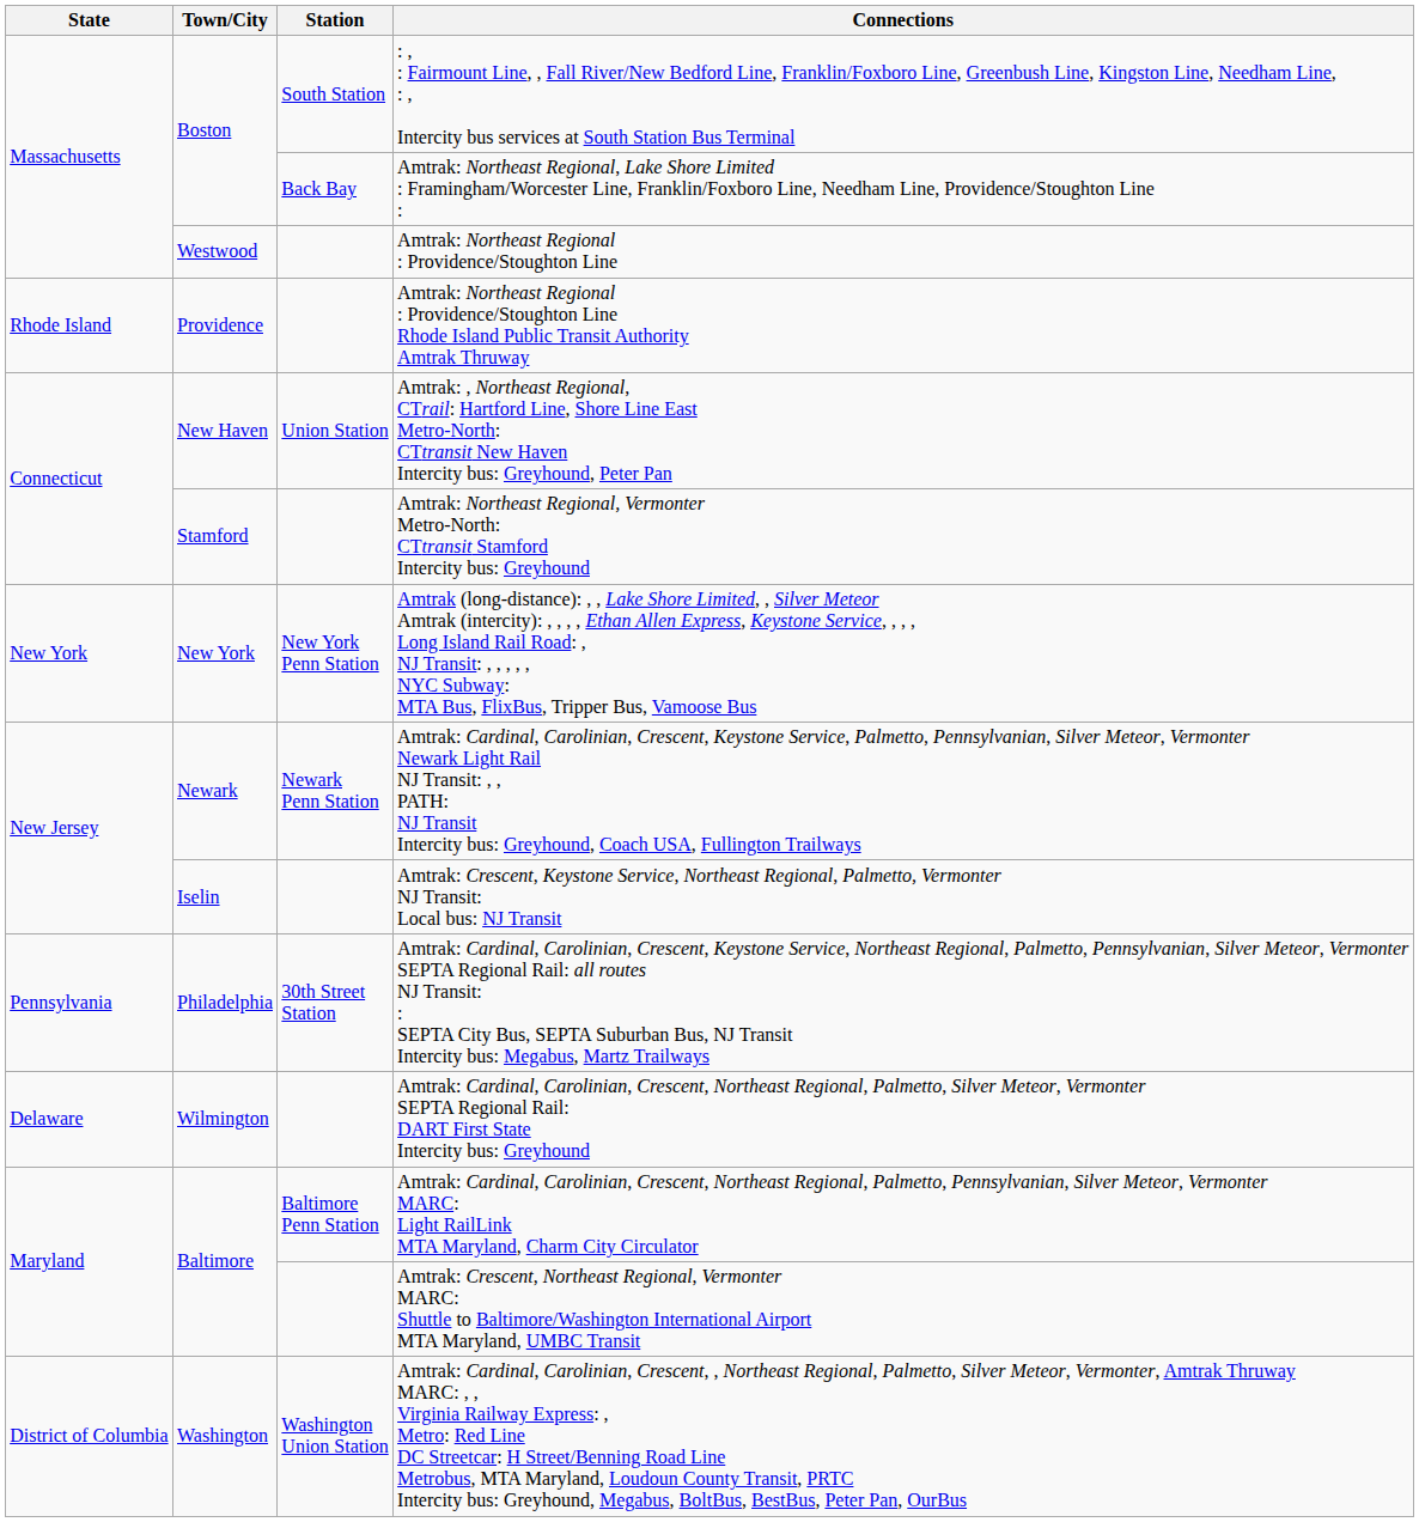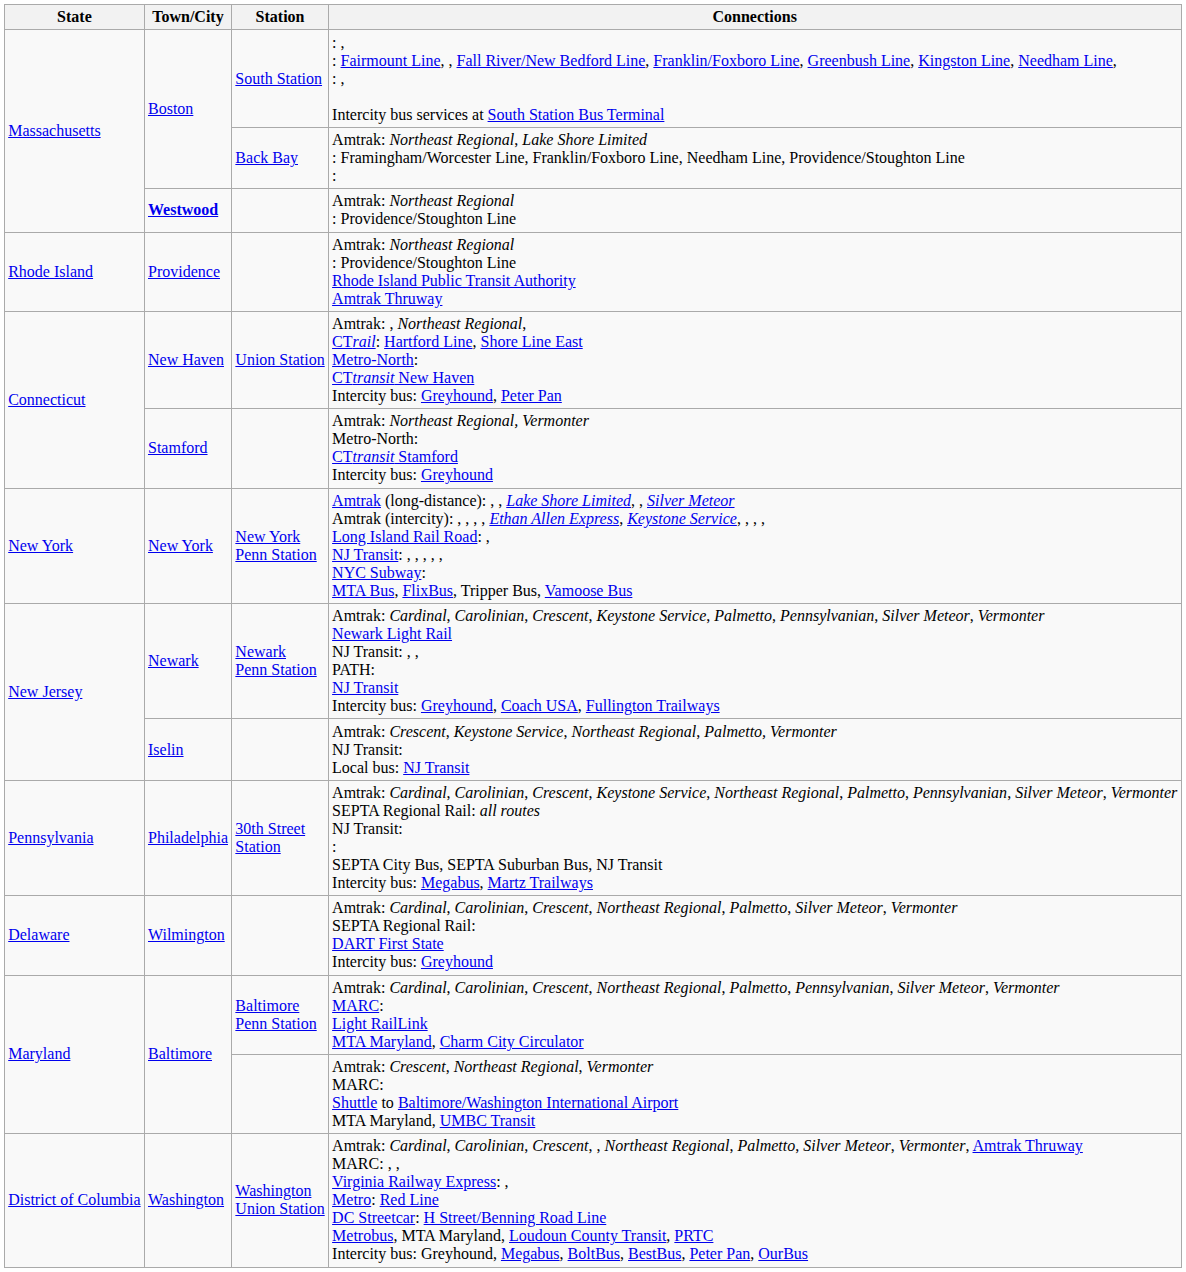 <table class="wikitable mw-collapsible">
 <tr>
 <th>State</th>
 <th>Town/City</th>
 <th>Station</th>
 <th>Connections</th>
 </tr>
 <tr>
 <td rowspan=3><a href='#'>Massachusetts</a></td>
 <td rowspan=2><a href='#'>Boston</a></td>
 <td><a href='#'>South Station</a></td>
 <td>: , <br>: <a href='#'>Fairmount Line</a>, , <a href='#'>Fall River/New Bedford Line</a>, <a href='#'>Franklin/Foxboro Line</a>, <a href='#'>Greenbush Line</a>, <a href='#'>Kingston Line</a>, <a href='#'>Needham Line</a>, <br>: , <br><br> Intercity bus services at <a href='#'>South Station Bus Terminal</a></td>
 </tr>
 <tr>
 <td><a href='#'>Back Bay</a></td>
 <td> Amtrak: <em>Northeast Regional</em>, <em>Lake Shore Limited</em><br>: Framingham/Worcester Line, Franklin/Foxboro Line, Needham Line, Providence/Stoughton Line<br>: <br></td>
 </tr>
 <tr>
-<td><a href='#'>Westwood</a></td>
+<td><strong><a href='#'>Westwood</a></strong></td>
 <td></td>
 <td> Amtrak: <em>Northeast Regional</em><br>: Providence/Stoughton Line</td>
 </tr>
 <tr>
 <td><a href='#'>Rhode Island</a></td>
 <td><a href='#'>Providence</a></td>
 <td></td>
 <td> Amtrak: <em>Northeast Regional</em><br>: Providence/Stoughton Line<br> <a href='#'>Rhode Island Public Transit Authority</a><br> <a href='#'>Amtrak Thruway</a></td>
 </tr>
 <tr>
 <td rowspan="2"><a href='#'>Connecticut</a></td>
 <td><a href='#'>New Haven</a></td>
 <td><a href='#'>Union Station</a></td>
 <td> Amtrak: , <em>Northeast Regional</em>, <br> <a href='#'>CT<em>rail</em></a>: <a href='#'>Hartford Line</a>, <a href='#'>Shore Line East</a><br> <a href='#'>Metro-North</a>: <br> <a href='#'>CT<em>transit</em> New Haven</a><br> Intercity bus:  <a href='#'>Greyhound</a>, <a href='#'>Peter Pan</a></td>
 </tr>
 <tr>
 <td><a href='#'>Stamford</a></td>
 <td></td>
 <td> Amtrak: <em>Northeast Regional, Vermonter</em><br> Metro-North: <br> <a href='#'>CT<em>transit</em> Stamford</a><br> Intercity bus:  <a href='#'>Greyhound</a></td>
 </tr>
 <tr>
 <td><a href='#'>New York</a></td>
 <td><a href='#'>New York</a></td>
 <td><a href='#'>New York<br>Penn Station</a></td>
 <td> <a href='#'>Amtrak</a> (long-distance): , , <em><a href='#'>Lake Shore Limited</a></em>, , <em><a href='#'>Silver Meteor</a></em><br> Amtrak (intercity): , , , , <em><a href='#'>Ethan Allen Express</a></em>, <em><a href='#'>Keystone Service</a></em>, , , , <br> <a href='#'>Long Island Rail Road</a>: , <br> <a href='#'>NJ Transit</a>: , , , , , <br> <a href='#'>NYC Subway</a>: <br> <a href='#'>MTA Bus</a>, <a href='#'>FlixBus</a>, Tripper Bus, <a href='#'>Vamoose Bus</a></td>
 </tr>
 <tr>
 <td rowspan="2"><a href='#'>New Jersey</a></td>
 <td><a href='#'>Newark</a></td>
 <td><a href='#'>Newark<br>Penn Station</a></td>
 <td> Amtrak: <em>Cardinal</em>, <em>Carolinian</em>, <em>Crescent</em>, <em>Keystone Service</em>, <em>Palmetto</em>, <em>Pennsylvanian</em>, <em>Silver Meteor</em>, <em>Vermonter</em><br> <a href='#'>Newark Light Rail</a><br> NJ Transit: , , <br> PATH: <br> <a href='#'>NJ Transit</a><br> Intercity bus:  <a href='#'>Greyhound</a>, <a href='#'>Coach USA</a>, <a href='#'>Fullington Trailways</a></td>
 </tr>
 <tr>
 <td><a href='#'>Iselin</a></td>
 <td></td>
 <td> Amtrak: <em>Crescent</em>, <em>Keystone Service</em>, <em>Northeast Regional</em>, <em>Palmetto,</em> <em>Vermonter</em><br> NJ Transit: <br> Local bus: <a href='#'>NJ Transit</a></td>
 </tr>
 <tr>
 <td><a href='#'>Pennsylvania</a></td>
 <td><a href='#'>Philadelphia</a></td>
 <td><a href='#'>30th Street<br>Station</a></td>
 <td> Amtrak: <em>Cardinal</em>, <em>Carolinian</em>, <em>Crescent</em>, <em>Keystone Service</em>, <em>Northeast Regional</em>, <em>Palmetto</em>, <em>Pennsylvanian</em>, <em>Silver Meteor</em>, <em>Vermonter</em><br> SEPTA Regional Rail: <em>all routes</em><br> NJ Transit: <br>:  <br> SEPTA City Bus, SEPTA Suburban Bus, NJ Transit<br> Intercity bus:  <a href='#'>Megabus</a>, <a href='#'>Martz Trailways</a></td>
 </tr>
 <tr>
 <td><a href='#'>Delaware</a></td>
 <td><a href='#'>Wilmington</a></td>
 <td></td>
 <td> Amtrak: <em>Cardinal</em>, <em>Carolinian</em>, <em>Crescent</em>, <em>Northeast Regional</em>, <em>Palmetto</em>, <em>Silver Meteor</em>, <em>Vermonter</em><br> SEPTA Regional Rail: <br> <a href='#'>DART First State</a><br> Intercity bus:  <a href='#'>Greyhound</a></td>
 </tr>
 <tr>
 <td rowspan="2"><a href='#'>Maryland</a></td>
 <td rowspan="2"><a href='#'>Baltimore</a></td>
 <td><a href='#'>Baltimore<br>Penn Station</a></td>
 <td> Amtrak: <em>Cardinal</em>, <em>Carolinian</em>, <em>Crescent</em>, <em>Northeast Regional</em>, <em>Palmetto</em>, <em>Pennsylvanian</em>, <em>Silver Meteor</em>, <em>Vermonter</em><br> <a href='#'>MARC</a>: <br> <a href='#'>Light RailLink</a><br> <a href='#'>MTA Maryland</a>, <a href='#'>Charm City Circulator</a></td>
 </tr>
 <tr>
 <td> </td>
 <td> Amtrak: <em>Crescent</em>, <em>Northeast Regional</em>, <em>Vermonter</em><br> MARC: <br> <a href='#'>Shuttle</a> to  <a href='#'>Baltimore/Washington International Airport</a><br> MTA Maryland, <a href='#'>UMBC Transit</a></td>
 </tr>
 <tr>
 <td><a href='#'>District of Columbia</a></td>
 <td><a href='#'>Washington</a></td>
 <td><a href='#'>Washington<br>Union Station</a></td>
 <td> Amtrak: <em>Cardinal</em>, <em>Carolinian</em>, <em>Crescent</em>, , <em>Northeast Regional</em>, <em>Palmetto</em>, <em>Silver Meteor</em>, <em>Vermonter</em>, <a href='#'>Amtrak Thruway</a><br> MARC: , , <br> <a href='#'>Virginia Railway Express</a>: ,  <br> <a href='#'>Metro</a>:  <a href='#'>Red Line</a><br> <a href='#'>DC Streetcar</a>: <a href='#'>H Street/Benning Road Line</a><br> <a href='#'>Metrobus</a>, MTA Maryland, <a href='#'>Loudoun County Transit</a>, <a href='#'>PRTC</a><br> Intercity bus:  Greyhound,  <a href='#'>Megabus</a>, <a href='#'>BoltBus</a>, <a href='#'>BestBus</a>, <a href='#'>Peter Pan</a>, <a href='#'>OurBus</a></td>
 </tr>
 </table>
